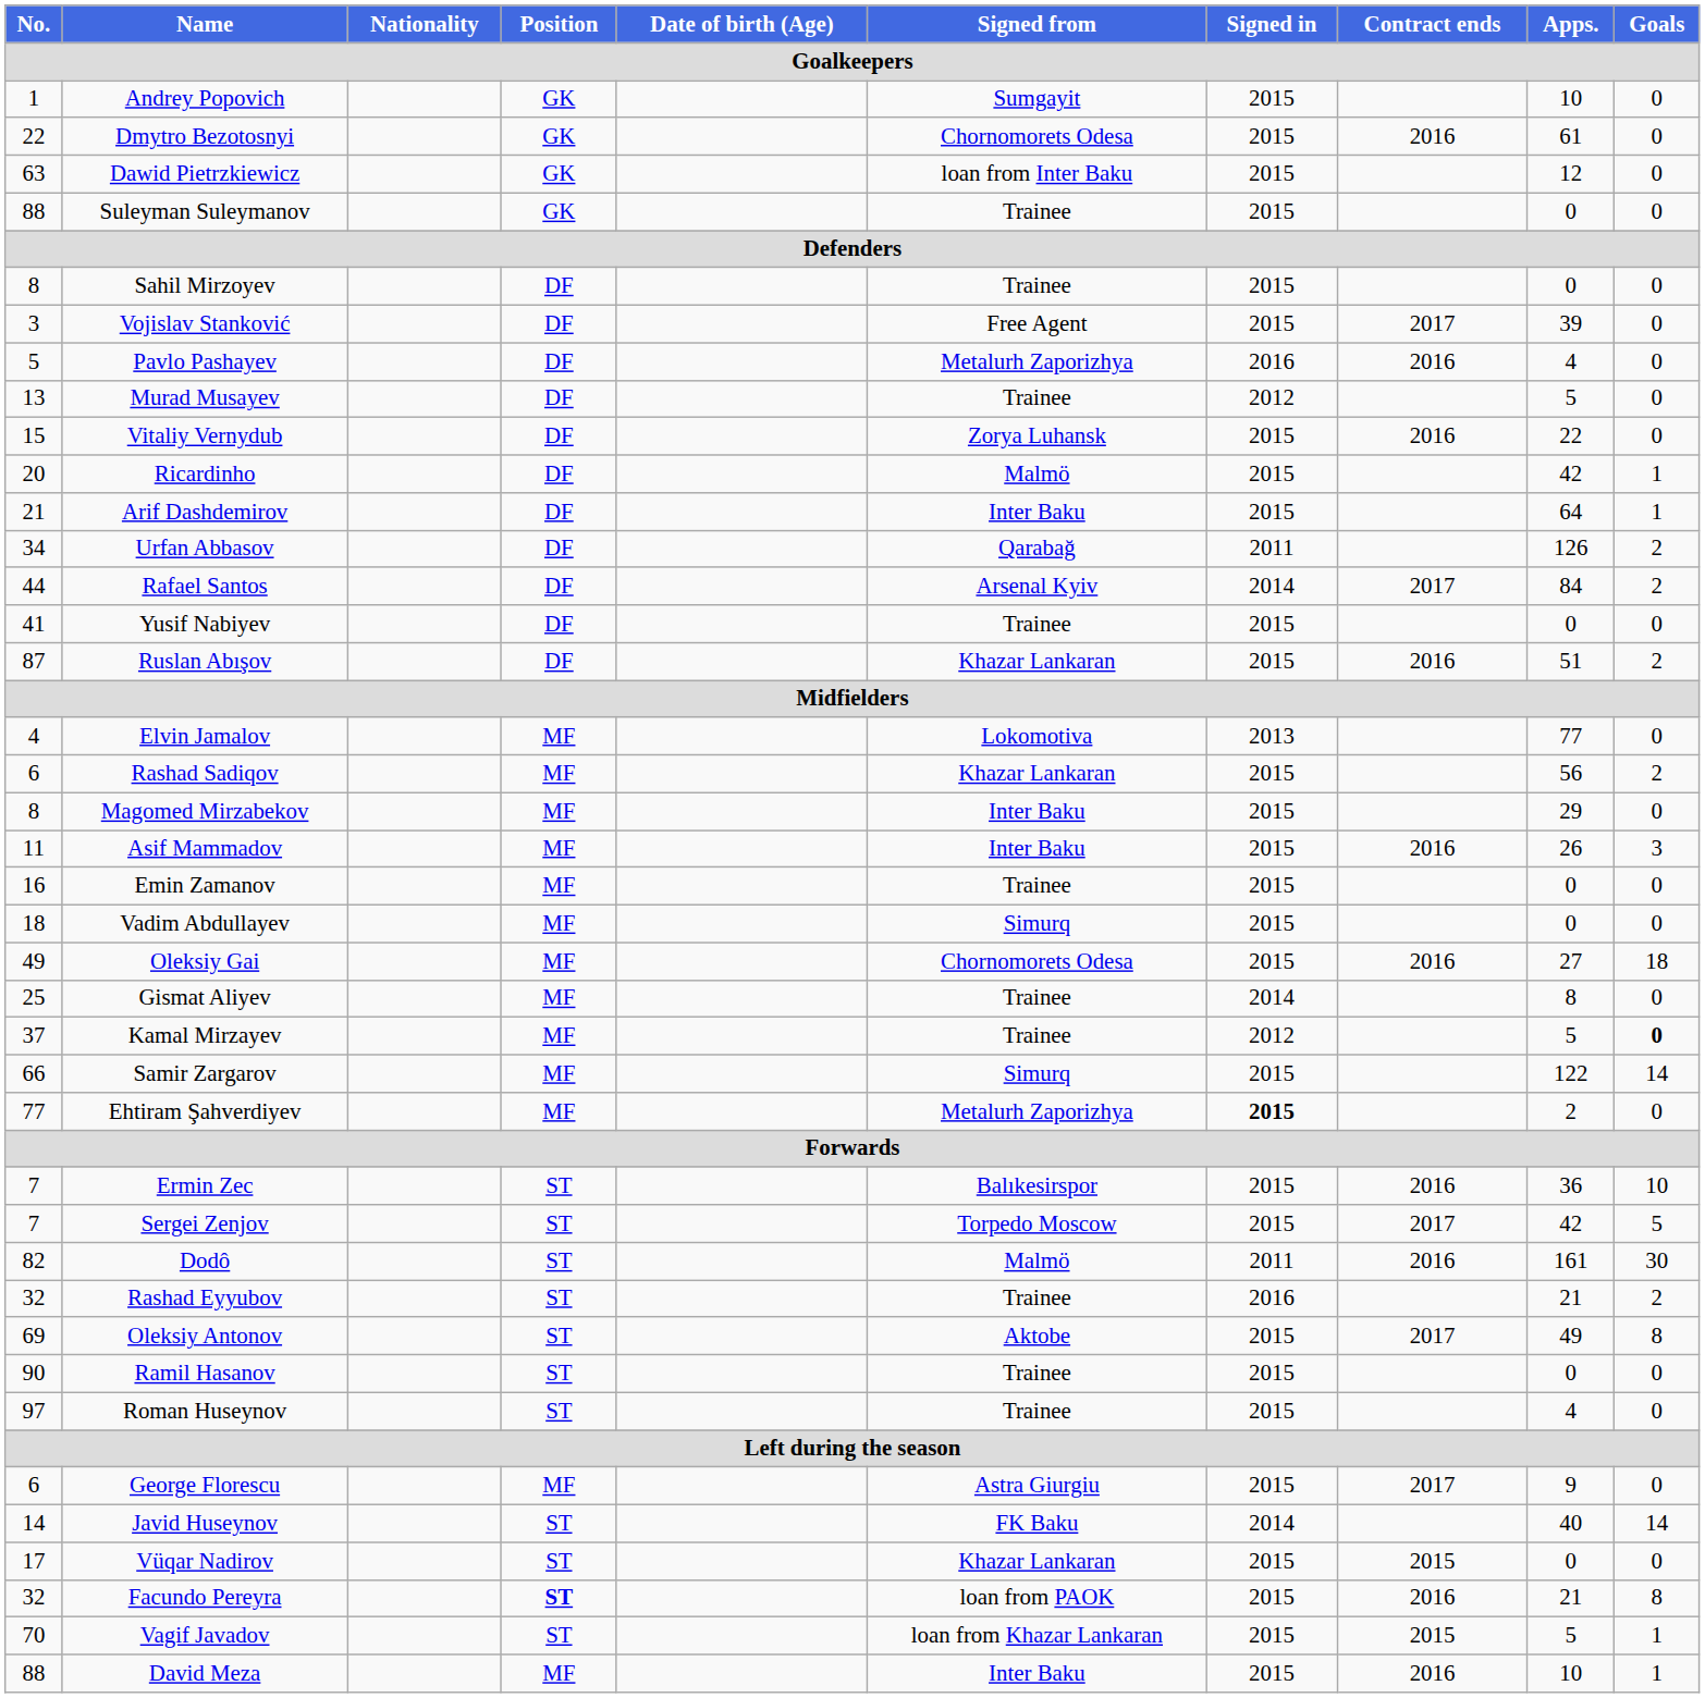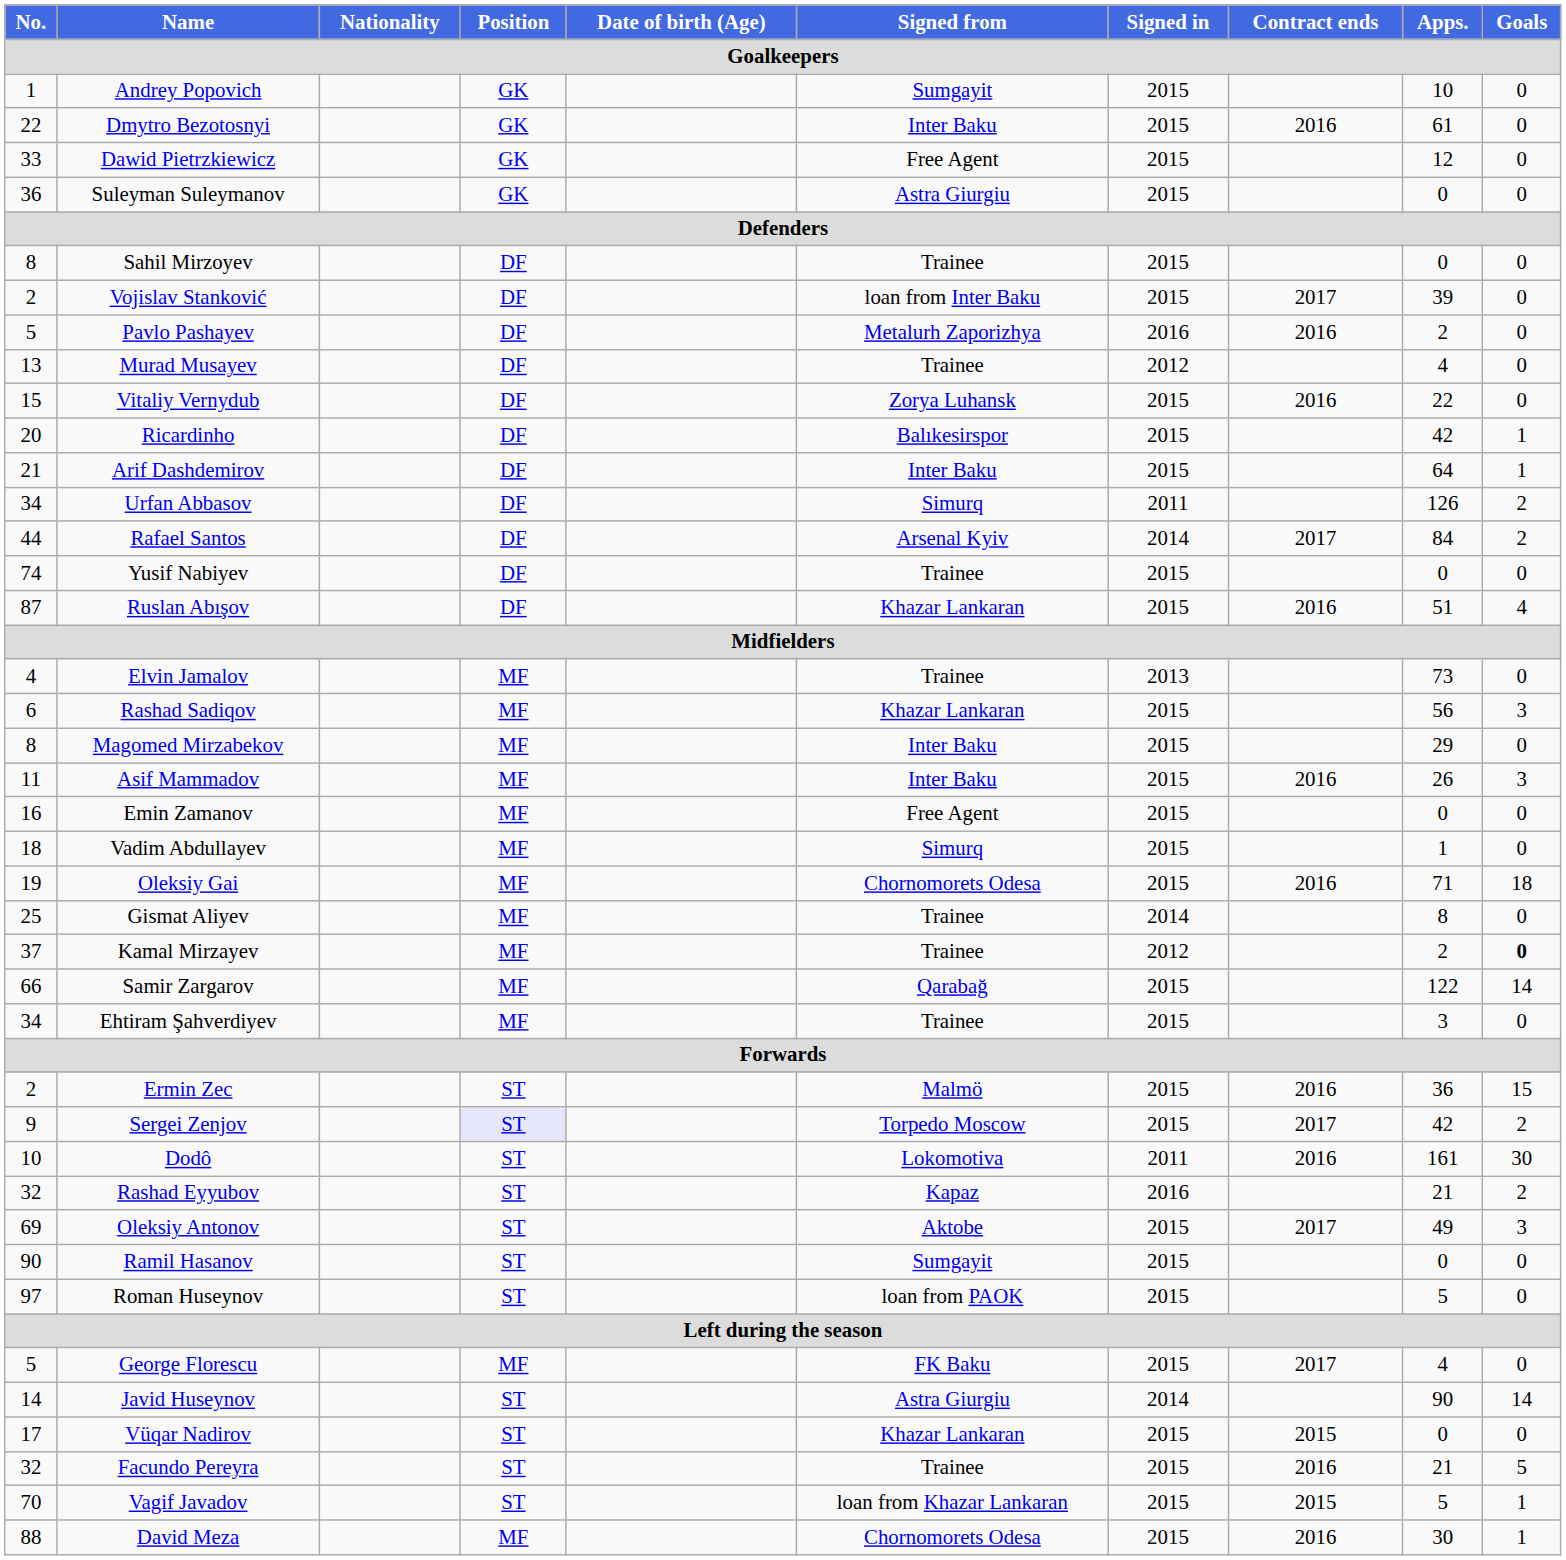 <table class="wikitable"  style="text-align:center; font-size:90%; width:85%;">
 <tr>
 <th style="background:#4169E1; color:white; text-align:center;">No.</th>
 <th style="background:#4169E1; color:white; text-align:center;">Name</th>
 <th style="background:#4169E1; color:white; text-align:center;">Nationality</th>
 <th style="background:#4169E1; color:white; text-align:center;">Position</th>
 <th style="background:#4169E1; color:white; text-align:center;">Date of birth (Age)</th>
 <th style="background:#4169E1; color:white; text-align:center;">Signed from</th>
 <th style="background:#4169E1; color:white; text-align:center;">Signed in</th>
 <th style="background:#4169E1; color:white; text-align:center;">Contract ends</th>
 <th style="background:#4169E1; color:white; text-align:center;">Apps.</th>
 <th style="background:#4169E1; color:white; text-align:center;">Goals</th>
 </tr>
 <tr>
 <th colspan="11"  style="background:#dcdcdc; text-align:center;">Goalkeepers</th>
 </tr>
 <tr>
 <td>1</td>
 <td><a href='#'>Andrey Popovich</a></td>
 <td></td>
 <td><a href='#'>GK</a></td>
 <td></td>
 <td><a href='#'>Sumgayit</a></td>
 <td>2015</td>
 <td></td>
 <td>10</td>
 <td>0</td>
 </tr>
 <tr>
 <td>22</td>
 <td><a href='#'>Dmytro Bezotosnyi</a></td>
 <td></td>
 <td><a href='#'>GK</a></td>
 <td></td>
-<td> <a href='#'>Chornomorets Odesa</a></td>
+<td><a href='#'>Inter Baku</a></td>
 <td>2015</td>
 <td>2016</td>
 <td>61</td>
 <td>0</td>
 </tr>
 <tr>
-<td>63</td>
+<td>33</td>
 <td><a href='#'>Dawid Pietrzkiewicz</a></td>
 <td></td>
 <td><a href='#'>GK</a></td>
 <td></td>
-<td>loan from <a href='#'>Inter Baku</a></td>
+<td>Free Agent</td>
 <td>2015</td>
 <td></td>
 <td>12</td>
 <td>0</td>
 </tr>
 <tr>
-<td>88</td>
+<td>36</td>
 <td>Suleyman Suleymanov</td>
 <td></td>
 <td><a href='#'>GK</a></td>
 <td></td>
-<td>Trainee</td>
+<td> <a href='#'>Astra Giurgiu</a></td>
 <td>2015</td>
 <td></td>
 <td>0</td>
 <td>0</td>
 </tr>
 <tr>
 <th colspan="11"  style="background:#dcdcdc; text-align:center;">Defenders</th>
 </tr>
 <tr>
 <td>8</td>
 <td>Sahil Mirzoyev</td>
 <td></td>
 <td><a href='#'>DF</a></td>
 <td></td>
 <td>Trainee</td>
 <td>2015</td>
 <td></td>
 <td>0</td>
 <td>0</td>
 </tr>
 <tr>
-<td>3</td>
+<td>2</td>
 <td><a href='#'>Vojislav Stanković</a></td>
 <td></td>
 <td><a href='#'>DF</a></td>
 <td></td>
-<td>Free Agent</td>
+<td>loan from <a href='#'>Inter Baku</a></td>
 <td>2015</td>
 <td>2017</td>
 <td>39</td>
 <td>0</td>
 </tr>
 <tr>
 <td>5</td>
 <td><a href='#'>Pavlo Pashayev</a></td>
 <td></td>
 <td><a href='#'>DF</a></td>
 <td></td>
 <td> <a href='#'>Metalurh Zaporizhya</a></td>
 <td>2016</td>
 <td>2016</td>
-<td>4</td>
+<td>2</td>
 <td>0</td>
 </tr>
 <tr>
 <td>13</td>
 <td><a href='#'>Murad Musayev</a></td>
 <td></td>
 <td><a href='#'>DF</a></td>
 <td></td>
 <td>Trainee</td>
 <td>2012</td>
 <td></td>
-<td>5</td>
+<td>4</td>
 <td>0</td>
 </tr>
 <tr>
 <td>15</td>
 <td><a href='#'>Vitaliy Vernydub</a></td>
 <td></td>
 <td><a href='#'>DF</a></td>
 <td></td>
 <td> <a href='#'>Zorya Luhansk</a></td>
 <td>2015</td>
 <td>2016</td>
 <td>22</td>
 <td>0</td>
 </tr>
 <tr>
 <td>20</td>
 <td><a href='#'>Ricardinho</a></td>
 <td></td>
 <td><a href='#'>DF</a></td>
 <td></td>
-<td> <a href='#'>Malmö</a></td>
+<td> <a href='#'>Balıkesirspor</a></td>
 <td>2015</td>
 <td></td>
 <td>42</td>
 <td>1</td>
 </tr>
 <tr>
 <td>21</td>
 <td><a href='#'>Arif Dashdemirov</a></td>
 <td></td>
 <td><a href='#'>DF</a></td>
 <td></td>
 <td><a href='#'>Inter Baku</a></td>
 <td>2015</td>
 <td></td>
 <td>64</td>
 <td>1</td>
 </tr>
 <tr>
 <td>34</td>
 <td><a href='#'>Urfan Abbasov</a></td>
 <td></td>
 <td><a href='#'>DF</a></td>
 <td></td>
-<td><a href='#'>Qarabağ</a></td>
+<td><a href='#'>Simurq</a></td>
 <td>2011</td>
 <td></td>
 <td>126</td>
 <td>2</td>
 </tr>
 <tr>
 <td>44</td>
 <td><a href='#'>Rafael Santos</a></td>
 <td></td>
 <td><a href='#'>DF</a></td>
 <td></td>
 <td> <a href='#'>Arsenal Kyiv</a></td>
 <td>2014</td>
 <td>2017</td>
 <td>84</td>
 <td>2</td>
 </tr>
 <tr>
-<td>41</td>
+<td>74</td>
 <td>Yusif Nabiyev</td>
 <td></td>
 <td><a href='#'>DF</a></td>
 <td></td>
 <td>Trainee</td>
 <td>2015</td>
 <td></td>
 <td>0</td>
 <td>0</td>
 </tr>
 <tr>
 <td>87</td>
 <td><a href='#'>Ruslan Abışov</a></td>
 <td></td>
 <td><a href='#'>DF</a></td>
 <td></td>
 <td><a href='#'>Khazar Lankaran</a></td>
 <td>2015</td>
 <td>2016</td>
 <td>51</td>
-<td>2<br></td>
+<td>4<br></td>
 </tr>
 <tr>
 <th colspan="11"  style="background:#dcdcdc; text-align:center;">Midfielders</th>
 </tr>
 <tr>
 <td>4</td>
 <td><a href='#'>Elvin Jamalov</a></td>
 <td></td>
 <td><a href='#'>MF</a></td>
 <td></td>
-<td> <a href='#'>Lokomotiva</a></td>
+<td>Trainee</td>
 <td>2013</td>
 <td></td>
-<td>77</td>
+<td>73</td>
 <td>0</td>
 </tr>
 <tr>
 <td>6</td>
 <td><a href='#'>Rashad Sadiqov</a></td>
 <td></td>
 <td><a href='#'>MF</a></td>
 <td></td>
 <td><a href='#'>Khazar Lankaran</a></td>
 <td>2015</td>
 <td></td>
 <td>56</td>
-<td>2</td>
+<td>3</td>
 </tr>
 <tr>
 <td>8</td>
 <td><a href='#'>Magomed Mirzabekov</a></td>
 <td></td>
 <td><a href='#'>MF</a></td>
 <td></td>
 <td><a href='#'>Inter Baku</a></td>
 <td>2015</td>
 <td></td>
 <td>29</td>
 <td>0</td>
 </tr>
 <tr>
 <td>11</td>
 <td><a href='#'>Asif Mammadov</a></td>
 <td></td>
 <td><a href='#'>MF</a></td>
 <td></td>
 <td><a href='#'>Inter Baku</a></td>
 <td>2015</td>
 <td>2016</td>
 <td>26</td>
 <td>3</td>
 </tr>
 <tr>
 <td>16</td>
 <td>Emin Zamanov</td>
 <td></td>
 <td><a href='#'>MF</a></td>
 <td></td>
-<td>Trainee</td>
+<td>Free Agent</td>
 <td>2015</td>
 <td></td>
 <td>0</td>
 <td>0</td>
 </tr>
 <tr>
 <td>18</td>
 <td>Vadim Abdullayev</td>
 <td></td>
 <td><a href='#'>MF</a></td>
 <td></td>
 <td><a href='#'>Simurq</a></td>
 <td>2015</td>
 <td></td>
-<td>0</td>
+<td>1</td>
 <td>0</td>
 </tr>
 <tr>
-<td>49</td>
+<td>19</td>
 <td><a href='#'>Oleksiy Gai</a></td>
 <td></td>
 <td><a href='#'>MF</a></td>
 <td></td>
 <td> <a href='#'>Chornomorets Odesa</a></td>
 <td>2015</td>
 <td>2016</td>
-<td>27</td>
+<td>71</td>
 <td>18</td>
 </tr>
 <tr>
 <td>25</td>
 <td>Gismat Aliyev</td>
 <td></td>
 <td><a href='#'>MF</a></td>
 <td></td>
 <td>Trainee</td>
 <td>2014</td>
 <td></td>
 <td>8</td>
 <td>0</td>
 </tr>
 <tr>
 <td>37</td>
 <td>Kamal Mirzayev</td>
 <td></td>
 <td><a href='#'>MF</a></td>
 <td></td>
 <td>Trainee</td>
 <td>2012</td>
 <td></td>
-<td>5</td>
+<td>2</td>
 <td><strong>0</strong></td>
 </tr>
 <tr>
 <td>66</td>
 <td>Samir Zargarov</td>
 <td></td>
 <td><a href='#'>MF</a></td>
 <td></td>
-<td><a href='#'>Simurq</a></td>
+<td><a href='#'>Qarabağ</a></td>
 <td>2015</td>
 <td></td>
 <td>122</td>
 <td>14</td>
 </tr>
 <tr>
-<td>77</td>
+<td>34</td>
 <td>Ehtiram Şahverdiyev</td>
 <td></td>
 <td><a href='#'>MF</a></td>
 <td></td>
-<td> <a href='#'>Metalurh Zaporizhya</a></td>
-<td><strong>2015</strong></td>
+<td>Trainee</td>
+<td>2015</td>
 <td></td>
-<td>2</td>
+<td>3</td>
 <td>0<br> </td>
 </tr>
 <tr>
 <th colspan="11"  style="background:#dcdcdc; text-align:center;">Forwards</th>
 </tr>
 <tr>
-<td>7</td>
+<td>2</td>
 <td><a href='#'>Ermin Zec</a></td>
 <td></td>
 <td><a href='#'>ST</a></td>
 <td></td>
-<td> <a href='#'>Balıkesirspor</a></td>
+<td> <a href='#'>Malmö</a></td>
 <td>2015</td>
 <td>2016</td>
 <td>36</td>
-<td>10</td>
+<td>15</td>
 </tr>
 <tr>
-<td>7</td>
+<td>9</td>
 <td><a href='#'>Sergei Zenjov</a></td>
 <td></td>
-<td><a href='#'>ST</a></td>
+<td style="background: lavender;"><a href='#'>ST</a></td>
 <td></td>
 <td> <a href='#'>Torpedo Moscow</a></td>
 <td>2015</td>
 <td>2017</td>
 <td>42</td>
-<td>5</td>
+<td>2</td>
 </tr>
 <tr>
-<td>82</td>
+<td>10</td>
 <td><a href='#'>Dodô</a></td>
 <td></td>
 <td><a href='#'>ST</a></td>
 <td></td>
-<td> <a href='#'>Malmö</a></td>
+<td> <a href='#'>Lokomotiva</a></td>
 <td>2011</td>
 <td>2016</td>
 <td>161</td>
 <td>30</td>
 </tr>
 <tr>
 <td>32</td>
 <td><a href='#'>Rashad Eyyubov</a></td>
 <td></td>
 <td><a href='#'>ST</a></td>
 <td></td>
-<td>Trainee</td>
+<td><a href='#'>Kapaz</a></td>
 <td>2016</td>
 <td></td>
 <td>21</td>
 <td>2</td>
 </tr>
 <tr>
 <td>69</td>
 <td><a href='#'>Oleksiy Antonov</a></td>
 <td></td>
 <td><a href='#'>ST</a></td>
 <td></td>
 <td> <a href='#'>Aktobe</a></td>
 <td>2015</td>
 <td>2017</td>
 <td>49</td>
-<td>8</td>
+<td>3</td>
 </tr>
 <tr>
 <td>90</td>
 <td><a href='#'>Ramil Hasanov</a></td>
 <td></td>
 <td><a href='#'>ST</a></td>
 <td></td>
-<td>Trainee</td>
+<td><a href='#'>Sumgayit</a></td>
 <td>2015</td>
 <td></td>
 <td>0</td>
 <td>0</td>
 </tr>
 <tr>
 <td>97</td>
 <td>Roman Huseynov</td>
 <td></td>
 <td><a href='#'>ST</a></td>
 <td></td>
-<td>Trainee</td>
+<td>loan from  <a href='#'>PAOK</a></td>
 <td>2015</td>
 <td></td>
-<td>4</td>
+<td>5</td>
 <td>0</td>
 </tr>
 <tr>
 <th colspan="11"  style="background:#dcdcdc; text-align:center;">Left during the season</th>
 </tr>
 <tr>
-<td>6</td>
+<td>5</td>
 <td><a href='#'>George Florescu</a></td>
 <td></td>
 <td><a href='#'>MF</a></td>
 <td></td>
-<td> <a href='#'>Astra Giurgiu</a></td>
+<td><a href='#'>FK Baku</a></td>
 <td>2015</td>
 <td>2017</td>
-<td>9</td>
+<td>4</td>
 <td>0</td>
 </tr>
 <tr>
 <td>14</td>
 <td><a href='#'>Javid Huseynov</a></td>
 <td></td>
 <td><a href='#'>ST</a></td>
 <td></td>
-<td><a href='#'>FK Baku</a></td>
+<td> <a href='#'>Astra Giurgiu</a></td>
 <td>2014</td>
 <td></td>
-<td>40</td>
+<td>90</td>
 <td>14</td>
 </tr>
 <tr>
 <td>17</td>
 <td><a href='#'>Vüqar Nadirov</a></td>
 <td></td>
 <td><a href='#'>ST</a></td>
 <td></td>
 <td><a href='#'>Khazar Lankaran</a></td>
 <td>2015</td>
 <td>2015</td>
 <td>0</td>
 <td>0</td>
 </tr>
 <tr>
 <td>32</td>
 <td><a href='#'>Facundo Pereyra</a></td>
 <td></td>
-<td><strong><a href='#'>ST</a></strong></td>
+<td><a href='#'>ST</a></td>
 <td></td>
-<td>loan from  <a href='#'>PAOK</a></td>
+<td>Trainee</td>
 <td>2015</td>
 <td>2016</td>
 <td>21</td>
-<td>8</td>
+<td>5</td>
 </tr>
 <tr>
 <td>70</td>
 <td><a href='#'>Vagif Javadov</a></td>
 <td></td>
 <td><a href='#'>ST</a></td>
 <td></td>
 <td>loan from <a href='#'>Khazar Lankaran</a></td>
 <td>2015</td>
 <td>2015</td>
 <td>5</td>
 <td>1</td>
 </tr>
 <tr>
 <td>88</td>
 <td><a href='#'>David Meza</a></td>
 <td></td>
 <td><a href='#'>MF</a></td>
 <td></td>
-<td><a href='#'>Inter Baku</a></td>
+<td> <a href='#'>Chornomorets Odesa</a></td>
 <td>2015</td>
 <td>2016</td>
-<td>10</td>
+<td>30</td>
 <td>1</td>
 </tr>
 </table>
